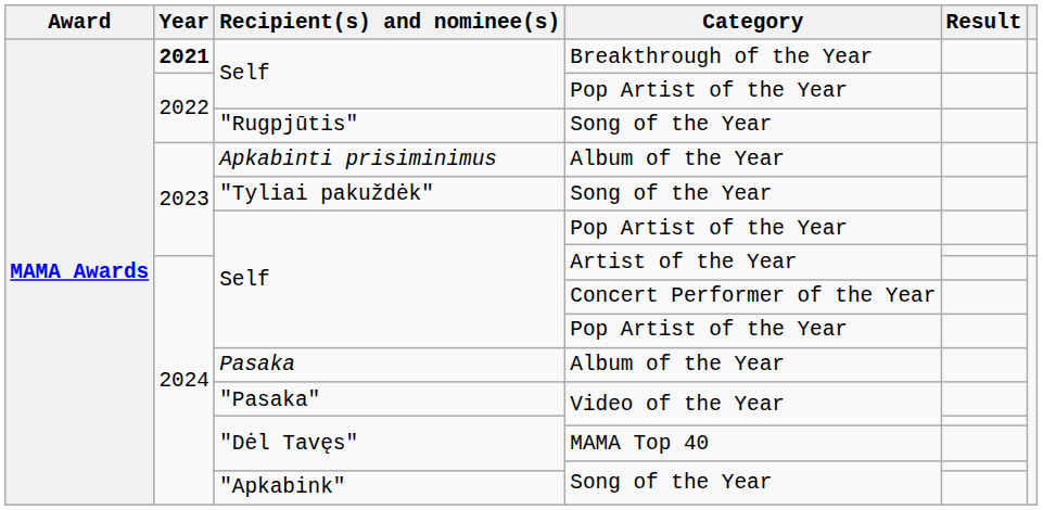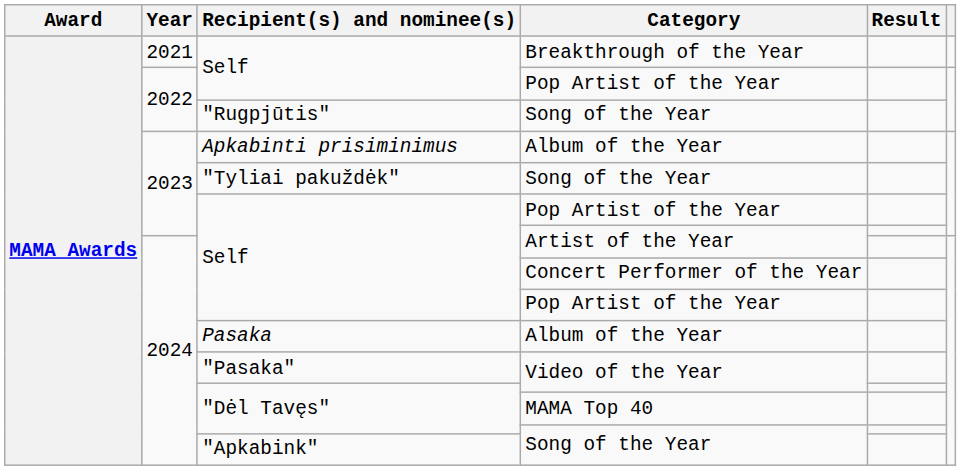 <table class="wikitable sortable plainrowheaders" style="width: auto;">
 <tr>
 <th scope="col">Award</th>
 <th scope="col">Year</th>
 <th scope="col">Recipient(s) and nominee(s)</th>
 <th scope="col">Category</th>
 <th scope="col">Result</th>
 <th scope="col" class="unsortable"></th>
 </tr>
 <tr>
 <th scope="row" rowspan="16"><a href='#'>MAMA Awards</a></th>
-<td><strong>2021</strong></td>
+<td>2021</td>
 <td rowspan="2">Self</td>
 <td>Breakthrough of the Year</td>
 <td></td>
 <td style="text-align:center;" rowspan="1"></td>
 </tr>
 <tr>
 <td rowspan="2">2022</td>
 <td>Pop Artist of the Year</td>
 <td></td>
 <td style="text-align:center;" rowspan="2"></td>
 </tr>
 <tr>
 <td>"Rugpjūtis"<br></td>
 <td>Song of the Year</td>
 <td></td>
 </tr>
 <tr>
 <td rowspan="4">2023</td>
 <td><em>Apkabinti prisiminimus</em></td>
 <td>Album of the Year</td>
 <td></td>
 <td style="text-align:center;" rowspan="4"></td>
 </tr>
 <tr>
 <td>"Tyliai pakuždėk"</td>
 <td>Song of the Year</td>
 <td></td>
 </tr>
 <tr>
 <td rowspan="5">Self</td>
 <td>Pop Artist of the Year</td>
 <td></td>
 </tr>
 <tr>
 <td rowspan="2">Artist of the Year</td>
 <td></td>
 </tr>
 <tr>
 <td rowspan="9">2024</td>
 <td></td>
 <td style="text-align:center;" rowspan="9"></td>
 </tr>
 <tr>
 <td>Concert Performer of the Year</td>
 <td></td>
 </tr>
 <tr>
 <td>Pop Artist of the Year</td>
 <td></td>
 </tr>
 <tr>
 <td><em>Pasaka</em></td>
 <td>Album of the Year</td>
 <td></td>
 </tr>
 <tr>
 <td>"Pasaka"</td>
 <td rowspan="2">Video of the Year</td>
 <td></td>
 </tr>
 <tr>
 <td rowspan="3">"Dėl Tavęs"</td>
 <td></td>
 </tr>
 <tr>
 <td>MAMA Top 40</td>
 <td></td>
 </tr>
 <tr>
 <td rowspan="2">Song of the Year</td>
 <td></td>
 </tr>
 <tr>
 <td>"Apkabink"</td>
 <td></td>
 </tr>
 </table>
